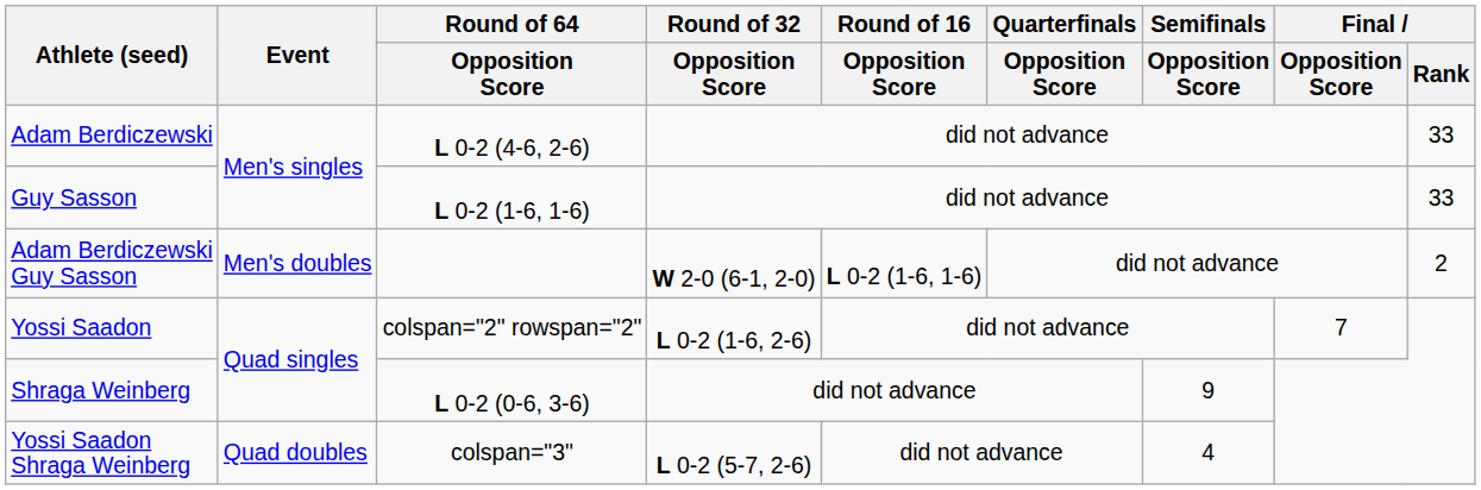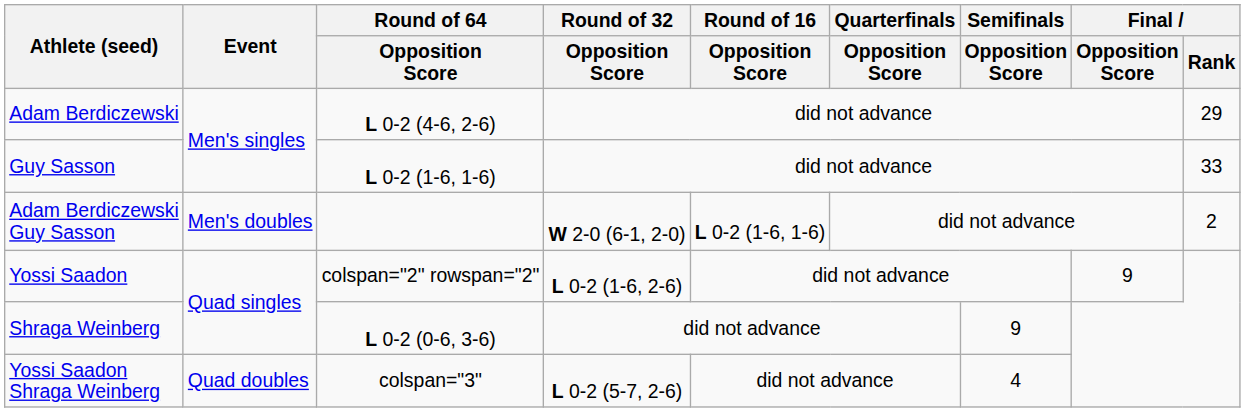 <table class=wikitable style="font-size:90%">
 <tr>
 <th rowspan="2">Athlete (seed)</th>
 <th rowspan="2">Event</th>
 <th>Round of 64</th>
 <th>Round of 32</th>
 <th>Round of 16</th>
 <th>Quarterfinals</th>
 <th>Semifinals</th>
 <th colspan="2">Final / </th>
 </tr>
 <tr>
 <th>Opposition<br>Score</th>
 <th>Opposition<br>Score</th>
 <th>Opposition<br>Score</th>
 <th>Opposition<br>Score</th>
 <th>Opposition<br>Score</th>
 <th>Opposition<br>Score</th>
 <th>Rank</th>
 </tr>
 <tr align=center>
 <td align=left><a href='#'>Adam Berdiczewski</a></td>
 <td align=left rowspan="2"><a href='#'>Men's singles</a></td>
 <td><br><strong>L</strong> 0-2 (4-6, 2-6)</td>
 <td colspan="5">did not advance</td>
-<td>33</td>
+<td>29</td>
 </tr>
 <tr align=center>
 <td align=left><a href='#'>Guy Sasson</a></td>
 <td><br><strong>L</strong> 0-2 (1-6, 1-6)</td>
 <td colspan="5">did not advance</td>
 <td>33</td>
 </tr>
 <tr align=center>
 <td align=left><a href='#'>Adam Berdiczewski</a><br><a href='#'>Guy Sasson</a></td>
 <td align=left><a href='#'>Men's doubles</a></td>
 <td></td>
 <td><br><strong>W</strong> 2-0 (6-1, 2-0<sup></sup>)</td>
 <td><br><strong>L</strong> 0-2 (1-6, 1-6)</td>
 <td colspan="3">did not advance</td>
 <td>2</td>
 </tr>
 <tr align=center>
 <td align=left><a href='#'>Yossi Saadon</a></td>
 <td align=left rowspan="2"><a href='#'>Quad singles</a></td>
 <td>colspan="2" rowspan="2" </td>
 <td><br><strong>L</strong> 0-2 (1-6, 2-6)</td>
 <td colspan="3">did not advance</td>
-<td>7</td>
+<td>9</td>
 </tr>
 <tr align=center>
 <td align=left><a href='#'>Shraga Weinberg</a></td>
 <td><br><strong>L</strong> 0-2 (0-6, 3-6)</td>
 <td colspan="3">did not advance</td>
 <td>9</td>
 </tr>
 <tr align=center>
 <td align=left><a href='#'>Yossi Saadon</a><br><a href='#'>Shraga Weinberg</a></td>
 <td align=left><a href='#'>Quad doubles</a></td>
 <td>colspan="3" </td>
 <td><br><strong>L</strong> 0-2 (5-7, 2-6)</td>
 <td colspan="2">did not advance</td>
 <td>4</td>
 </tr>
 </table>
